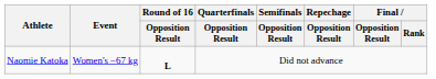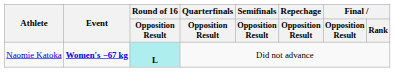 <table class="wikitable" style="font-size:90%;">
 <tr>
 <th rowspan=2>Athlete</th>
 <th rowspan=2>Event</th>
 <th>Round of 16</th>
 <th>Quarterfinals</th>
 <th>Semifinals</th>
 <th>Repechage</th>
 <th colspan=2>Final / </th>
 </tr>
 <tr style="font-size:95%">
 <th>Opposition<br>Result</th>
 <th>Opposition<br>Result</th>
 <th>Opposition<br>Result</th>
 <th>Opposition<br>Result</th>
 <th>Opposition<br>Result</th>
 <th>Rank</th>
 </tr>
 <tr align=center>
 <td align=left><a href='#'>Naomie Katoka</a></td>
-<td align=left><a href='#'>Women's −67 kg</a></td>
-<td><br><strong>L</strong> </td>
+<td align=left><strong><a href='#'>Women's −67 kg</a></strong></td>
+<td style="background: paleturquoise;"><br><strong>L</strong> </td>
 <td colspan=5>Did not advance</td>
 </tr>
 </table>
